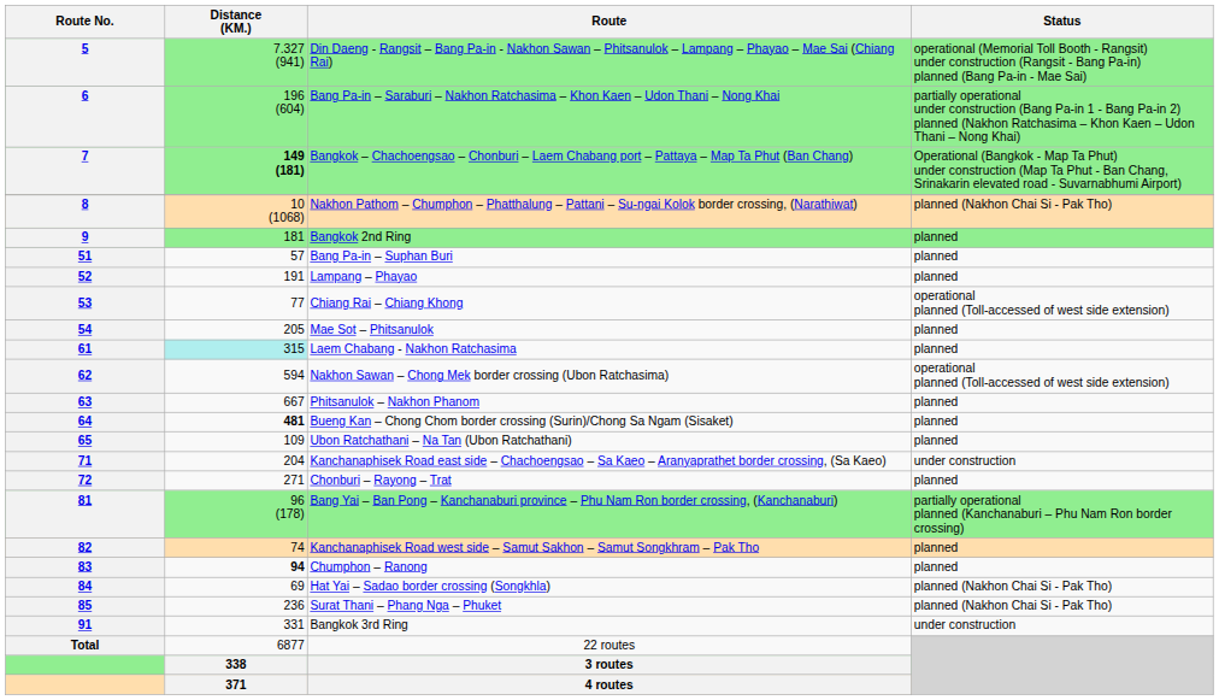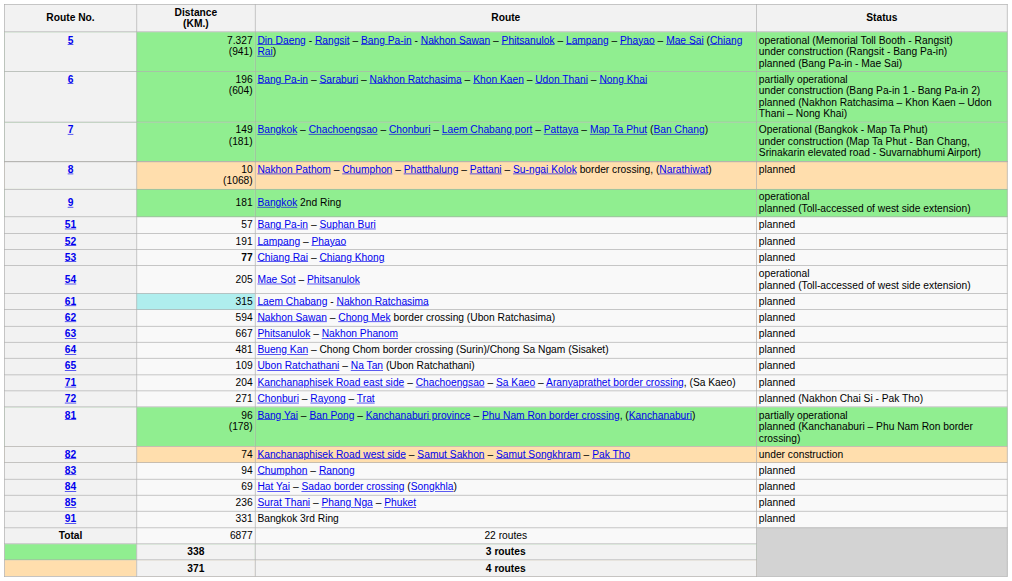 <table class="wikitable">
 <tr>
 <th colspan="1" scope="col">Route No.</th>
 <th colspan="1" scope="col">Distance<br>(KM.)</th>
 <th colspan="1" scope="col" style="width: 50%" class="unsortable">Route</th>
 <th colspan="1" scope="col" style="width: 25%" class="unsortable">Status</th>
 </tr>
 <tr valign="top" bgcolor="lightgreen">
 <th scope="row"><a href='#'>5</a></th>
 <td align="right">7.327<br>(941)</td>
 <td><a href='#'>Din Daeng</a> - <a href='#'>Rangsit</a> – <a href='#'>Bang Pa-in</a> - <a href='#'>Nakhon Sawan</a> – <a href='#'>Phitsanulok</a> – <a href='#'>Lampang</a> – <a href='#'>Phayao</a> – <a href='#'>Mae Sai</a> (<a href='#'>Chiang Rai</a>)</td>
 <td>operational (Memorial Toll Booth - Rangsit)<br>under construction (Rangsit - Bang Pa-in)<br>planned (Bang Pa-in - Mae Sai)</td>
 </tr>
 <tr valign="top" bgcolor="lightgreen">
 <th scope="row"><a href='#'>6</a></th>
 <td align="right">196<br>(604)</td>
 <td><a href='#'>Bang Pa-in</a> – <a href='#'>Saraburi</a> – <a href='#'>Nakhon Ratchasima</a> – <a href='#'>Khon Kaen</a> – <a href='#'>Udon Thani</a> – <a href='#'>Nong Khai</a></td>
 <td>partially operational<br>under construction (Bang Pa-in 1 - Bang Pa-in 2)<br>planned (Nakhon Ratchasima – Khon Kaen – Udon Thani – Nong Khai)</td>
 </tr>
 <tr valign="top" bgcolor="lightgreen">
 <th scope="row"><a href='#'>7</a></th>
-<td align="right"><strong>149<br>(181)</strong></td>
+<td align="right">149<br>(181)</td>
 <td><a href='#'>Bangkok</a> – <a href='#'>Chachoengsao</a> – <a href='#'>Chonburi</a> – <a href='#'>Laem Chabang port</a> – <a href='#'>Pattaya</a> – <a href='#'>Map Ta Phut</a> (<a href='#'>Ban Chang</a>)</td>
 <td>Operational (Bangkok - Map Ta Phut)<br>under construction (Map Ta Phut - Ban Chang, Srinakarin elevated road - Suvarnabhumi Airport)</td>
 </tr>
 <tr>
 </tr>
 <tr valign="top" bgcolor="#ffdead">
 <th scope="row"><a href='#'>8</a></th>
 <td align="right">10<br>(1068)</td>
 <td><a href='#'>Nakhon Pathom</a> – <a href='#'>Chumphon</a> – <a href='#'>Phatthalung</a> – <a href='#'>Pattani</a> – <a href='#'>Su-ngai Kolok</a> border crossing, (<a href='#'>Narathiwat</a>)</td>
-<td>planned (Nakhon Chai Si - Pak Tho)</td>
+<td>planned</td>
 </tr>
 <tr bgcolor="lightgreen">
 <th scope="row"><a href='#'>9</a></th>
 <td align="right">181</td>
 <td><a href='#'>Bangkok</a> 2nd Ring</td>
-<td>planned</td>
+<td>operational<br>planned (Toll-accessed of west side extension)</td>
 </tr>
 <tr>
 <th scope="row"><a href='#'>51</a></th>
 <td align="right">57</td>
 <td><a href='#'>Bang Pa-in</a> – <a href='#'>Suphan Buri</a></td>
 <td>planned</td>
 </tr>
 <tr>
 <th scope="row"><a href='#'>52</a></th>
 <td align="right">191</td>
 <td><a href='#'>Lampang</a> – <a href='#'>Phayao</a></td>
 <td>planned</td>
 </tr>
 <tr>
 <th scope="row"><a href='#'>53</a></th>
-<td align="right">77</td>
+<td align="right"><strong>77</strong></td>
 <td><a href='#'>Chiang Rai</a> – <a href='#'>Chiang Khong</a></td>
-<td>operational<br>planned (Toll-accessed of west side extension)</td>
+<td>planned</td>
 </tr>
 <tr>
 <th scope="row"><a href='#'>54</a></th>
 <td align="right">205</td>
 <td><a href='#'>Mae Sot</a> – <a href='#'>Phitsanulok</a></td>
-<td>planned</td>
+<td>operational<br>planned (Toll-accessed of west side extension)</td>
 </tr>
 <tr>
 <th scope="row"><a href='#'>61</a></th>
 <td align="right" style="background: paleturquoise;">315</td>
 <td><a href='#'>Laem Chabang</a> - <a href='#'>Nakhon Ratchasima</a></td>
 <td>planned</td>
 </tr>
 <tr>
 <th scope="row"><a href='#'>62</a></th>
 <td align="right">594</td>
 <td><a href='#'>Nakhon Sawan</a> – <a href='#'>Chong Mek</a> border crossing (Ubon Ratchasima)</td>
-<td>operational<br>planned (Toll-accessed of west side extension)</td>
+<td>planned</td>
 </tr>
 <tr>
 <th scope="row"><a href='#'>63</a></th>
 <td align="right">667</td>
 <td><a href='#'>Phitsanulok</a> – <a href='#'>Nakhon Phanom</a></td>
 <td>planned</td>
 </tr>
 <tr>
 <th scope="row"><a href='#'>64</a></th>
-<td align="right"><strong>481</strong></td>
+<td align="right">481</td>
 <td><a href='#'>Bueng Kan</a> – Chong Chom border crossing (Surin)/Chong Sa Ngam (Sisaket)</td>
 <td>planned</td>
 </tr>
 <tr>
 <th scope="row"><a href='#'>65</a></th>
 <td align="right">109</td>
 <td><a href='#'>Ubon Ratchathani</a> – <a href='#'>Na Tan</a> (Ubon Ratchathani)</td>
 <td>planned</td>
 </tr>
 <tr>
 <th scope="row"><a href='#'>71</a></th>
 <td align="right">204</td>
 <td><a href='#'>Kanchanaphisek Road east side</a> – <a href='#'>Chachoengsao</a> – <a href='#'>Sa Kaeo</a> – <a href='#'>Aranyaprathet border crossing</a>, (Sa Kaeo)</td>
-<td>under construction</td>
+<td>planned</td>
 </tr>
 <tr>
 <th scope="row"><a href='#'>72</a></th>
 <td align="right">271</td>
 <td><a href='#'>Chonburi</a> – <a href='#'>Rayong</a> – <a href='#'>Trat</a></td>
-<td>planned</td>
+<td>planned (Nakhon Chai Si - Pak Tho)</td>
 </tr>
 <tr valign="top" bgcolor="lightgreen">
 <th scope="row"><a href='#'>81</a></th>
 <td align="right">96<br>(178)</td>
 <td><a href='#'>Bang Yai</a> – <a href='#'>Ban Pong</a> – <a href='#'>Kanchanaburi province</a> – <a href='#'>Phu Nam Ron border crossing</a>, (<a href='#'>Kanchanaburi</a>)</td>
 <td>partially operational<br>planned (Kanchanaburi – Phu Nam Ron border crossing)</td>
 </tr>
 <tr valign="top" bgcolor="#ffdead">
 <th scope="row"><a href='#'>82</a></th>
 <td align="right">74</td>
 <td><a href='#'>Kanchanaphisek Road west side</a> – <a href='#'>Samut Sakhon</a> – <a href='#'>Samut Songkhram</a> – <a href='#'>Pak Tho</a></td>
-<td>planned</td>
+<td>under construction</td>
 </tr>
 <tr>
 <th scope="row"><a href='#'>83</a></th>
-<td align="right"><strong>94</strong></td>
+<td align="right">94</td>
 <td><a href='#'>Chumphon</a> – <a href='#'>Ranong</a></td>
 <td>planned</td>
 </tr>
 <tr>
 <th scope="row"><a href='#'>84</a></th>
 <td align="right">69</td>
 <td><a href='#'>Hat Yai</a> – <a href='#'>Sadao border crossing</a> (<a href='#'>Songkhla</a>)</td>
-<td>planned (Nakhon Chai Si - Pak Tho)</td>
+<td>planned</td>
 </tr>
 <tr>
 <th scope="row"><a href='#'>85</a></th>
 <td align="right">236</td>
 <td><a href='#'>Surat Thani</a> – <a href='#'>Phang Nga</a> – <a href='#'>Phuket</a></td>
-<td>planned (Nakhon Chai Si - Pak Tho)</td>
+<td>planned</td>
 </tr>
 <tr>
 <th scope="row"><a href='#'>91</a></th>
 <td align="right">331</td>
 <td>Bangkok 3rd Ring</td>
-<td>under construction</td>
+<td>planned</td>
 </tr>
 <tr>
 <th>Total</th>
 <td align="right">6877</td>
 <td align="middle">22 routes</td>
 <td colspan="2" rowspan="3" style="background: #D3D3D3"></td>
 </tr>
 <tr valign="top" bgcolor="lightgreen">
 <td></td>
 <th align="right">338</th>
 <th align="middle">3 routes</th>
 </tr>
 <tr valign="top" bgcolor="#ffdead">
 <td></td>
 <th align="right">371</th>
 <th align="middle">4 routes</th>
 </tr>
 </table>
